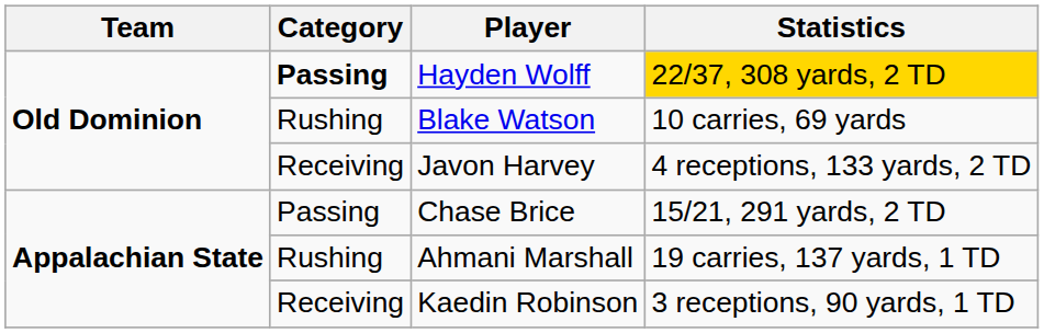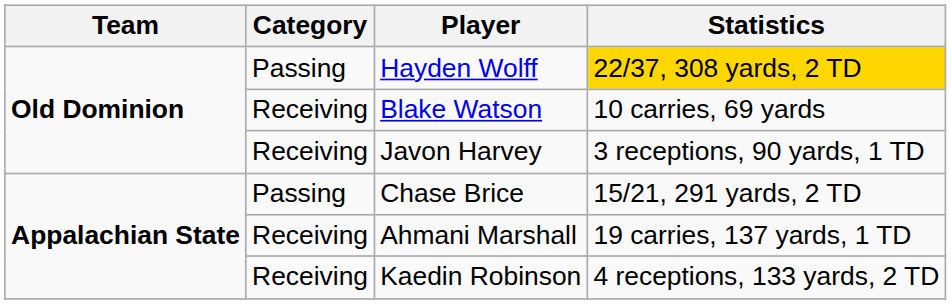 <table class="wikitable" style="float: right;">
 <tr>
 <th>Team</th>
 <th>Category</th>
 <th>Player</th>
 <th>Statistics</th>
 </tr>
 <tr>
 <td rowspan=3><strong>Old Dominion</strong></td>
-<td><strong>Passing</strong></td>
+<td>Passing</td>
 <td><a href='#'>Hayden Wolff</a></td>
 <td style="background: gold;">22/37, 308 yards, 2 TD</td>
 </tr>
 <tr>
-<td>Rushing</td>
+<td>Receiving</td>
 <td><a href='#'>Blake Watson</a></td>
 <td>10 carries, 69 yards</td>
 </tr>
 <tr>
 <td>Receiving</td>
 <td>Javon Harvey</td>
-<td>4 receptions, 133 yards, 2 TD</td>
+<td>3 receptions, 90 yards, 1 TD</td>
 </tr>
 <tr>
 <td rowspan=3><strong>Appalachian State</strong></td>
 <td>Passing</td>
 <td>Chase Brice</td>
 <td>15/21, 291 yards, 2 TD</td>
 </tr>
 <tr>
-<td>Rushing</td>
+<td>Receiving</td>
 <td>Ahmani Marshall</td>
 <td>19 carries, 137 yards, 1 TD</td>
 </tr>
 <tr>
 <td>Receiving</td>
 <td>Kaedin Robinson</td>
-<td>3 receptions, 90 yards, 1 TD</td>
+<td>4 receptions, 133 yards, 2 TD</td>
 </tr>
 </table>
